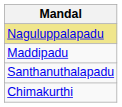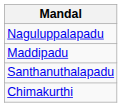 <table class="wikitable sortable static-row-numbers static-row-header-hash">
 <tr>
 <th>Mandal</th>
 </tr>
 <tr>
-<td style="background: khaki;"><a href='#'>Naguluppalapadu</a></td>
+<td><a href='#'>Naguluppalapadu</a></td>
 </tr>
 <tr>
 <td><a href='#'>Maddipadu</a></td>
 </tr>
 <tr>
 <td><a href='#'>Santhanuthalapadu</a></td>
 </tr>
 <tr>
 <td><a href='#'>Chimakurthi</a></td>
 </tr>
 </table>
